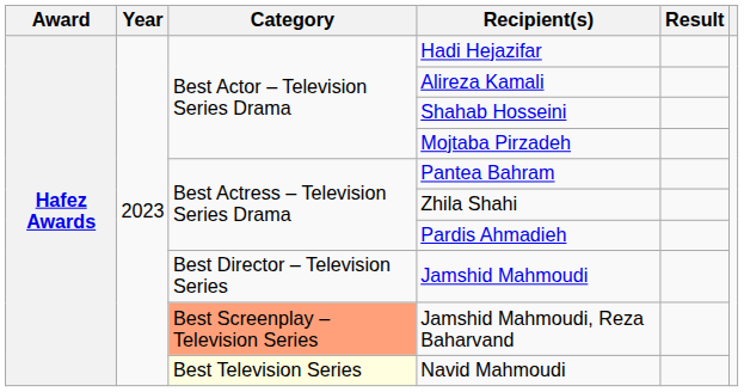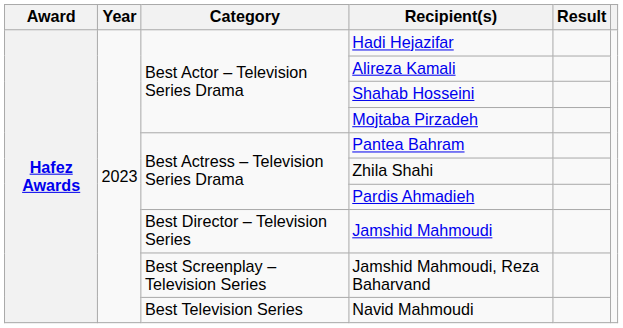 <table class="wikitable sortable plainrowheaders">
 <tr>
 <th scope="col">Award</th>
 <th scope="col">Year</th>
 <th scope="col">Category</th>
 <th scope="col">Recipient(s)</th>
 <th>Result</th>
 <th></th>
 </tr>
 <tr>
 <th rowspan="10" scope="row"><a href='#'>Hafez Awards</a></th>
 <td rowspan="10">2023</td>
 <td rowspan="4">Best Actor – Television Series Drama</td>
 <td><a href='#'>Hadi Hejazifar</a></td>
 <td></td>
 <td rowspan="10"></td>
 </tr>
 <tr>
 <td><a href='#'>Alireza Kamali</a></td>
 <td></td>
 </tr>
 <tr>
 <td><a href='#'>Shahab Hosseini</a></td>
 <td></td>
 </tr>
 <tr>
 <td><a href='#'>Mojtaba Pirzadeh</a></td>
 <td></td>
 </tr>
 <tr>
 <td rowspan="3">Best Actress – Television Series Drama</td>
 <td><a href='#'>Pantea Bahram</a></td>
 <td></td>
 </tr>
 <tr>
 <td>Zhila Shahi</td>
 <td></td>
 </tr>
 <tr>
 <td><a href='#'>Pardis Ahmadieh</a></td>
 <td></td>
 </tr>
 <tr>
 <td>Best Director – Television Series</td>
 <td><a href='#'>Jamshid Mahmoudi</a></td>
 <td></td>
 </tr>
 <tr>
-<td style="background: lightsalmon;">Best Screenplay – Television Series</td>
+<td>Best Screenplay – Television Series</td>
 <td>Jamshid Mahmoudi, Reza Baharvand</td>
 <td></td>
 </tr>
 <tr>
-<td style="background: lightyellow;">Best Television Series</td>
+<td>Best Television Series</td>
 <td>Navid Mahmoudi</td>
 <td></td>
 </tr>
 </table>
